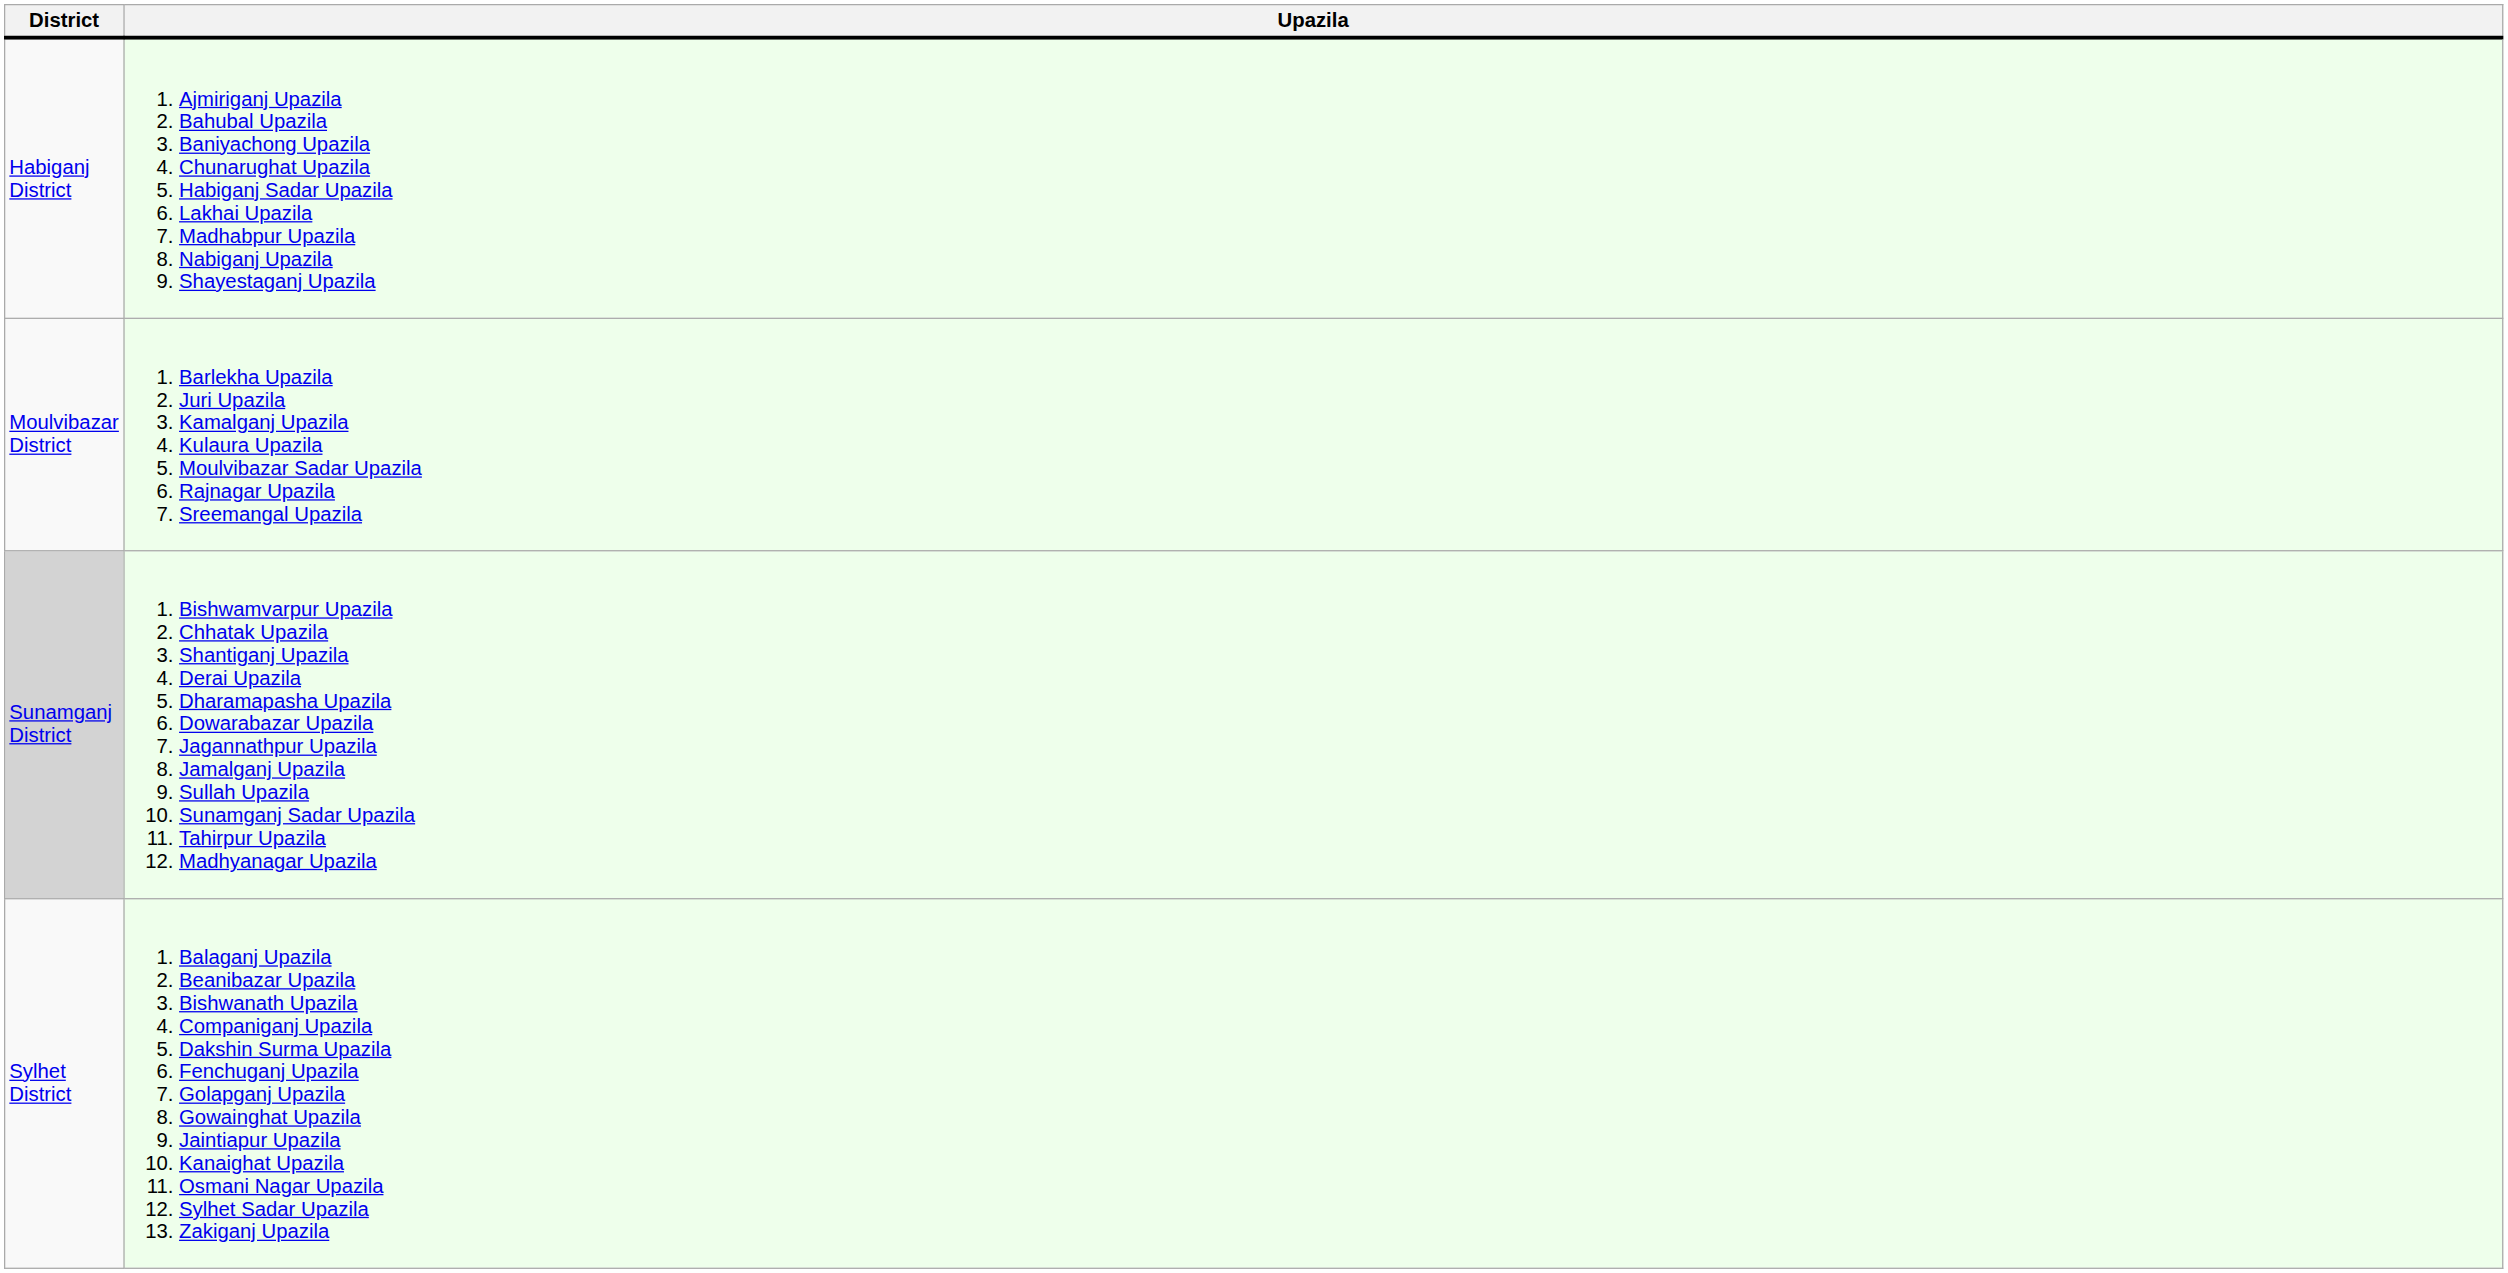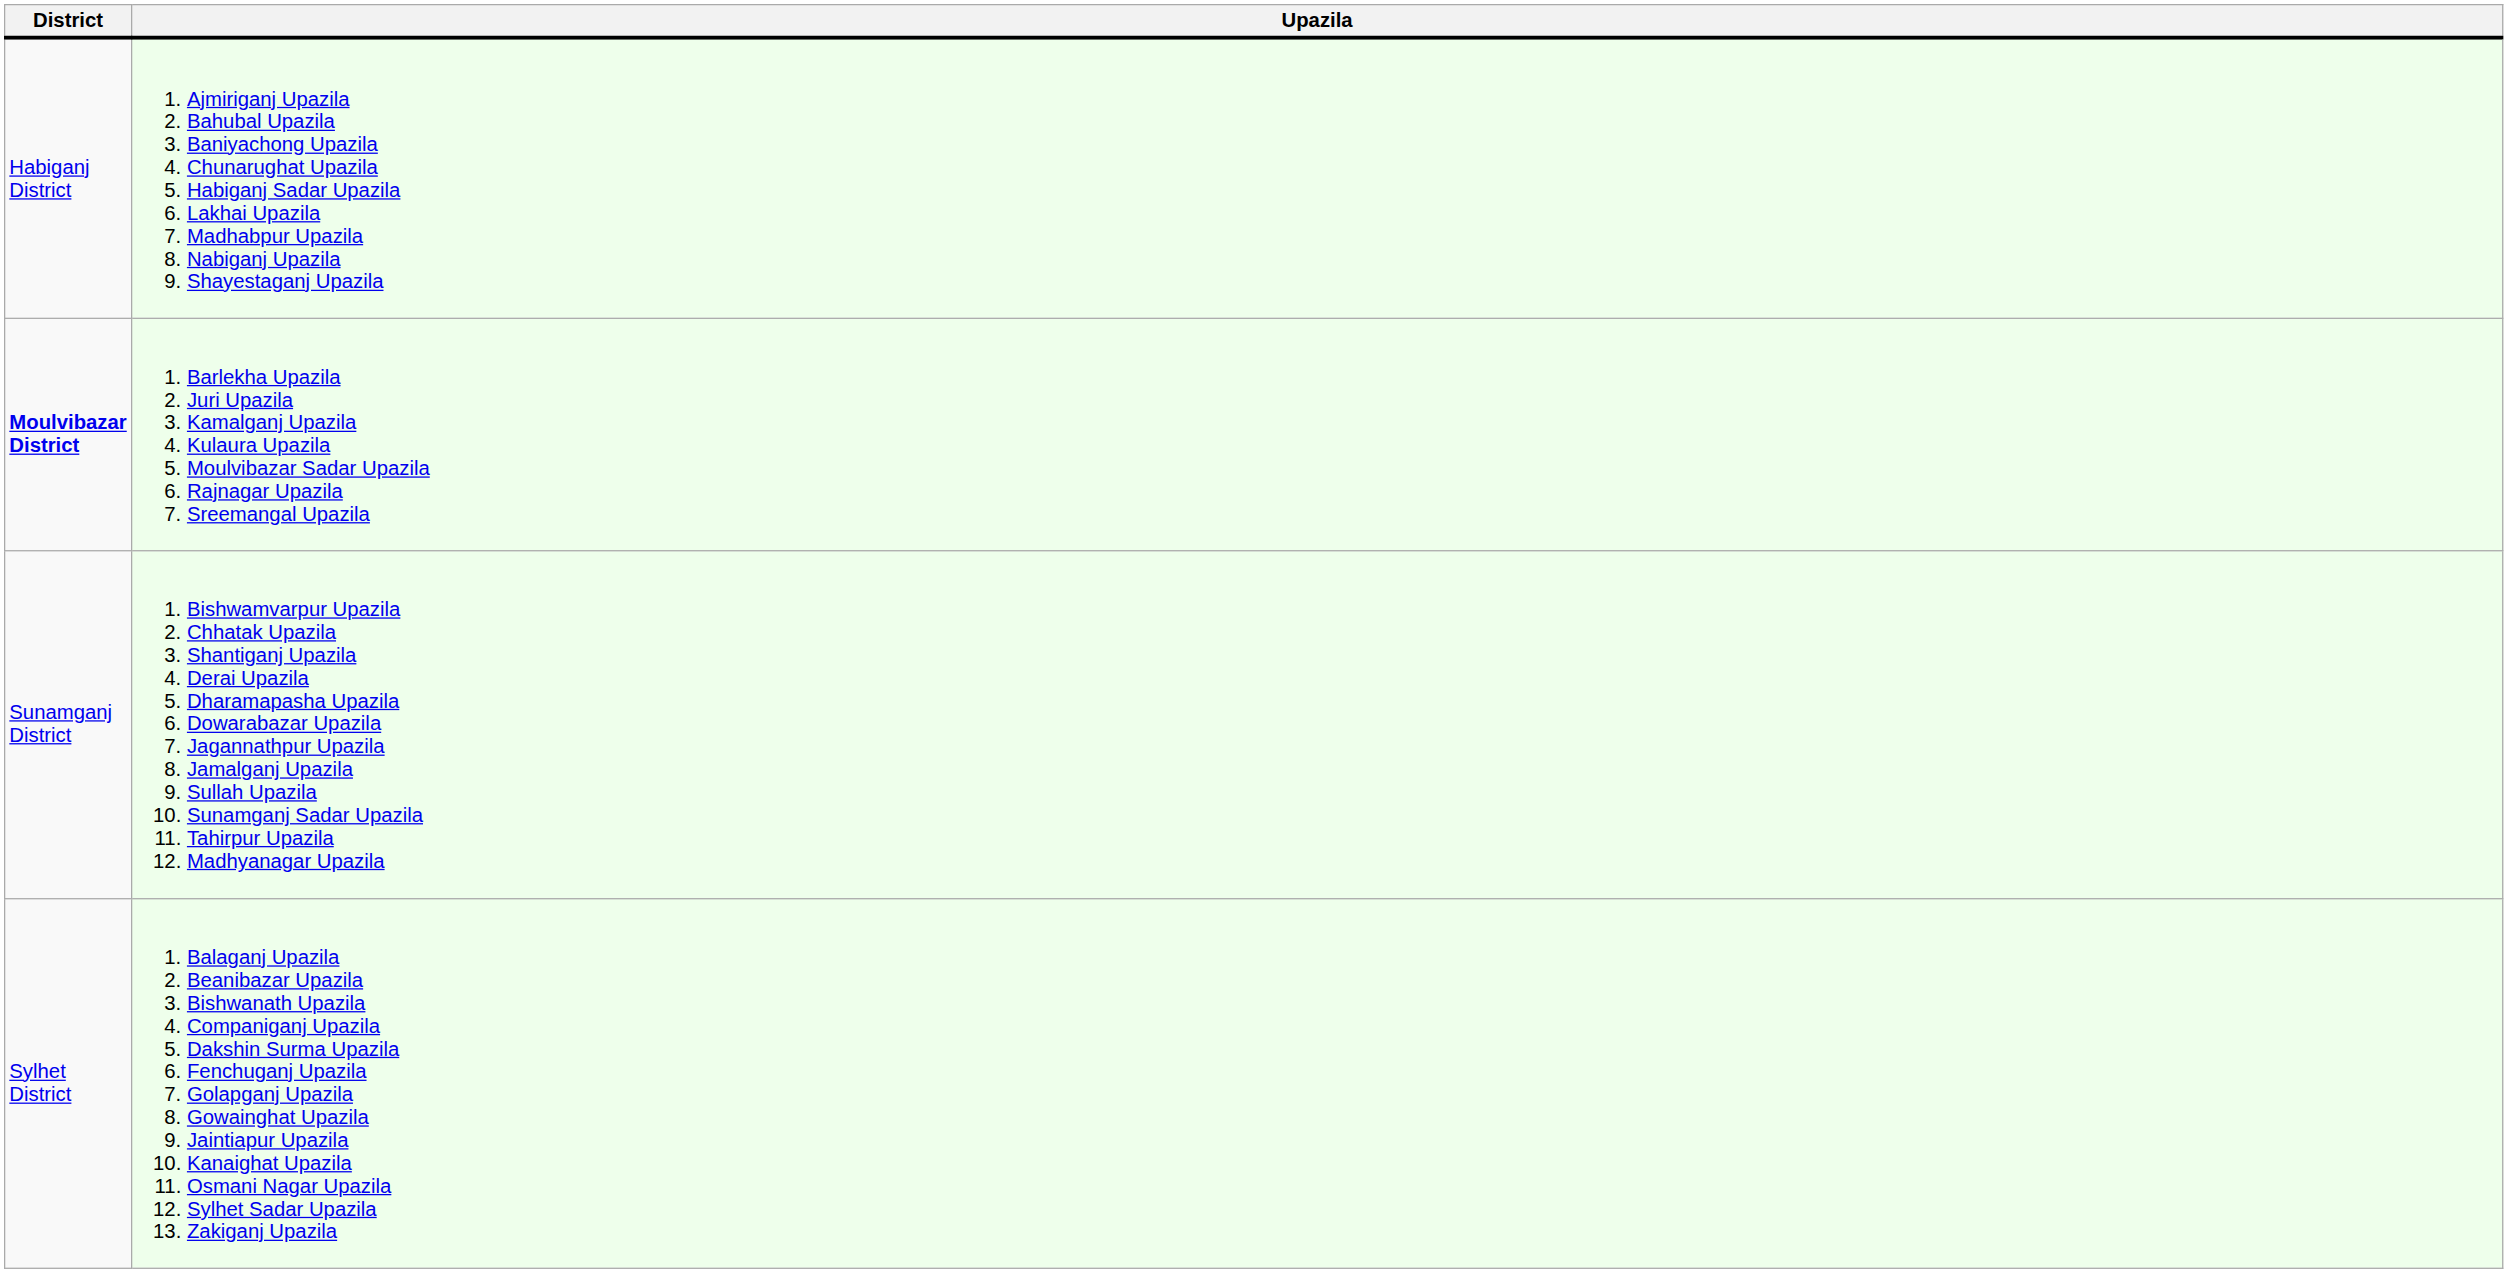 <table class="wikitable">
 <tr>
 <th>District</th>
 <th colspan="7" width="100%">Upazila</th>
 </tr>
 <tr style="border-top: 3px solid black">
 <td rowspan="1"><a href='#'>Habiganj District</a></td>
 <td colspan="2" style="background: #eeffeb"><br><ol><li><a href='#'>Ajmiriganj Upazila</a></li><li><a href='#'>Bahubal Upazila</a></li><li><a href='#'>Baniyachong Upazila</a></li><li><a href='#'>Chunarughat Upazila</a></li><li><a href='#'>Habiganj Sadar Upazila</a></li><li><a href='#'>Lakhai Upazila</a></li><li><a href='#'>Madhabpur Upazila</a></li><li><a href='#'>Nabiganj Upazila</a></li><li><a href='#'>Shayestaganj Upazila</a></li></ol></td>
 </tr>
 <tr>
-<td rowspan="1"><a href='#'>Moulvibazar District</a></td>
+<td rowspan="1"><strong><a href='#'>Moulvibazar District</a></strong></td>
 <td colspan="2" style="background: #eeffeb"><br><ol><li><a href='#'>Barlekha Upazila</a></li><li><a href='#'>Juri Upazila</a></li><li><a href='#'>Kamalganj Upazila</a></li><li><a href='#'>Kulaura Upazila</a></li><li><a href='#'>Moulvibazar Sadar Upazila</a></li><li><a href='#'>Rajnagar Upazila</a></li><li><a href='#'>Sreemangal Upazila</a></li></ol></td>
 </tr>
 <tr>
-<td rowspan="1" style="background: lightgrey;"><a href='#'>Sunamganj District</a></td>
+<td rowspan="1"><a href='#'>Sunamganj District</a></td>
 <td colspan="2" style="background: #eeffeb"><br><ol><li><a href='#'>Bishwamvarpur Upazila</a></li><li><a href='#'>Chhatak Upazila</a></li><li><a href='#'>Shantiganj Upazila</a></li><li><a href='#'>Derai Upazila</a></li><li><a href='#'>Dharamapasha Upazila</a></li><li><a href='#'>Dowarabazar Upazila</a></li><li><a href='#'>Jagannathpur Upazila</a></li><li><a href='#'>Jamalganj Upazila</a></li><li><a href='#'>Sullah Upazila</a></li><li><a href='#'>Sunamganj Sadar Upazila</a></li><li><a href='#'>Tahirpur Upazila</a></li><li><a href='#'>Madhyanagar Upazila</a></li></ol></td>
 </tr>
 <tr>
 <td rowspan="1"><a href='#'>Sylhet District</a></td>
 <td colspan="2" style="background: #eeffeb"><br><ol><li><a href='#'>Balaganj Upazila</a></li><li><a href='#'>Beanibazar Upazila</a></li><li><a href='#'>Bishwanath Upazila</a></li><li><a href='#'>Companiganj Upazila</a></li><li><a href='#'>Dakshin Surma Upazila</a></li><li><a href='#'>Fenchuganj Upazila</a></li><li><a href='#'>Golapganj Upazila</a></li><li><a href='#'>Gowainghat Upazila</a></li><li><a href='#'>Jaintiapur Upazila</a></li><li><a href='#'>Kanaighat Upazila</a></li><li><a href='#'>Osmani Nagar Upazila</a></li><li><a href='#'>Sylhet Sadar Upazila</a></li><li><a href='#'>Zakiganj Upazila</a></li></ol></td>
 </tr>
 </table>
